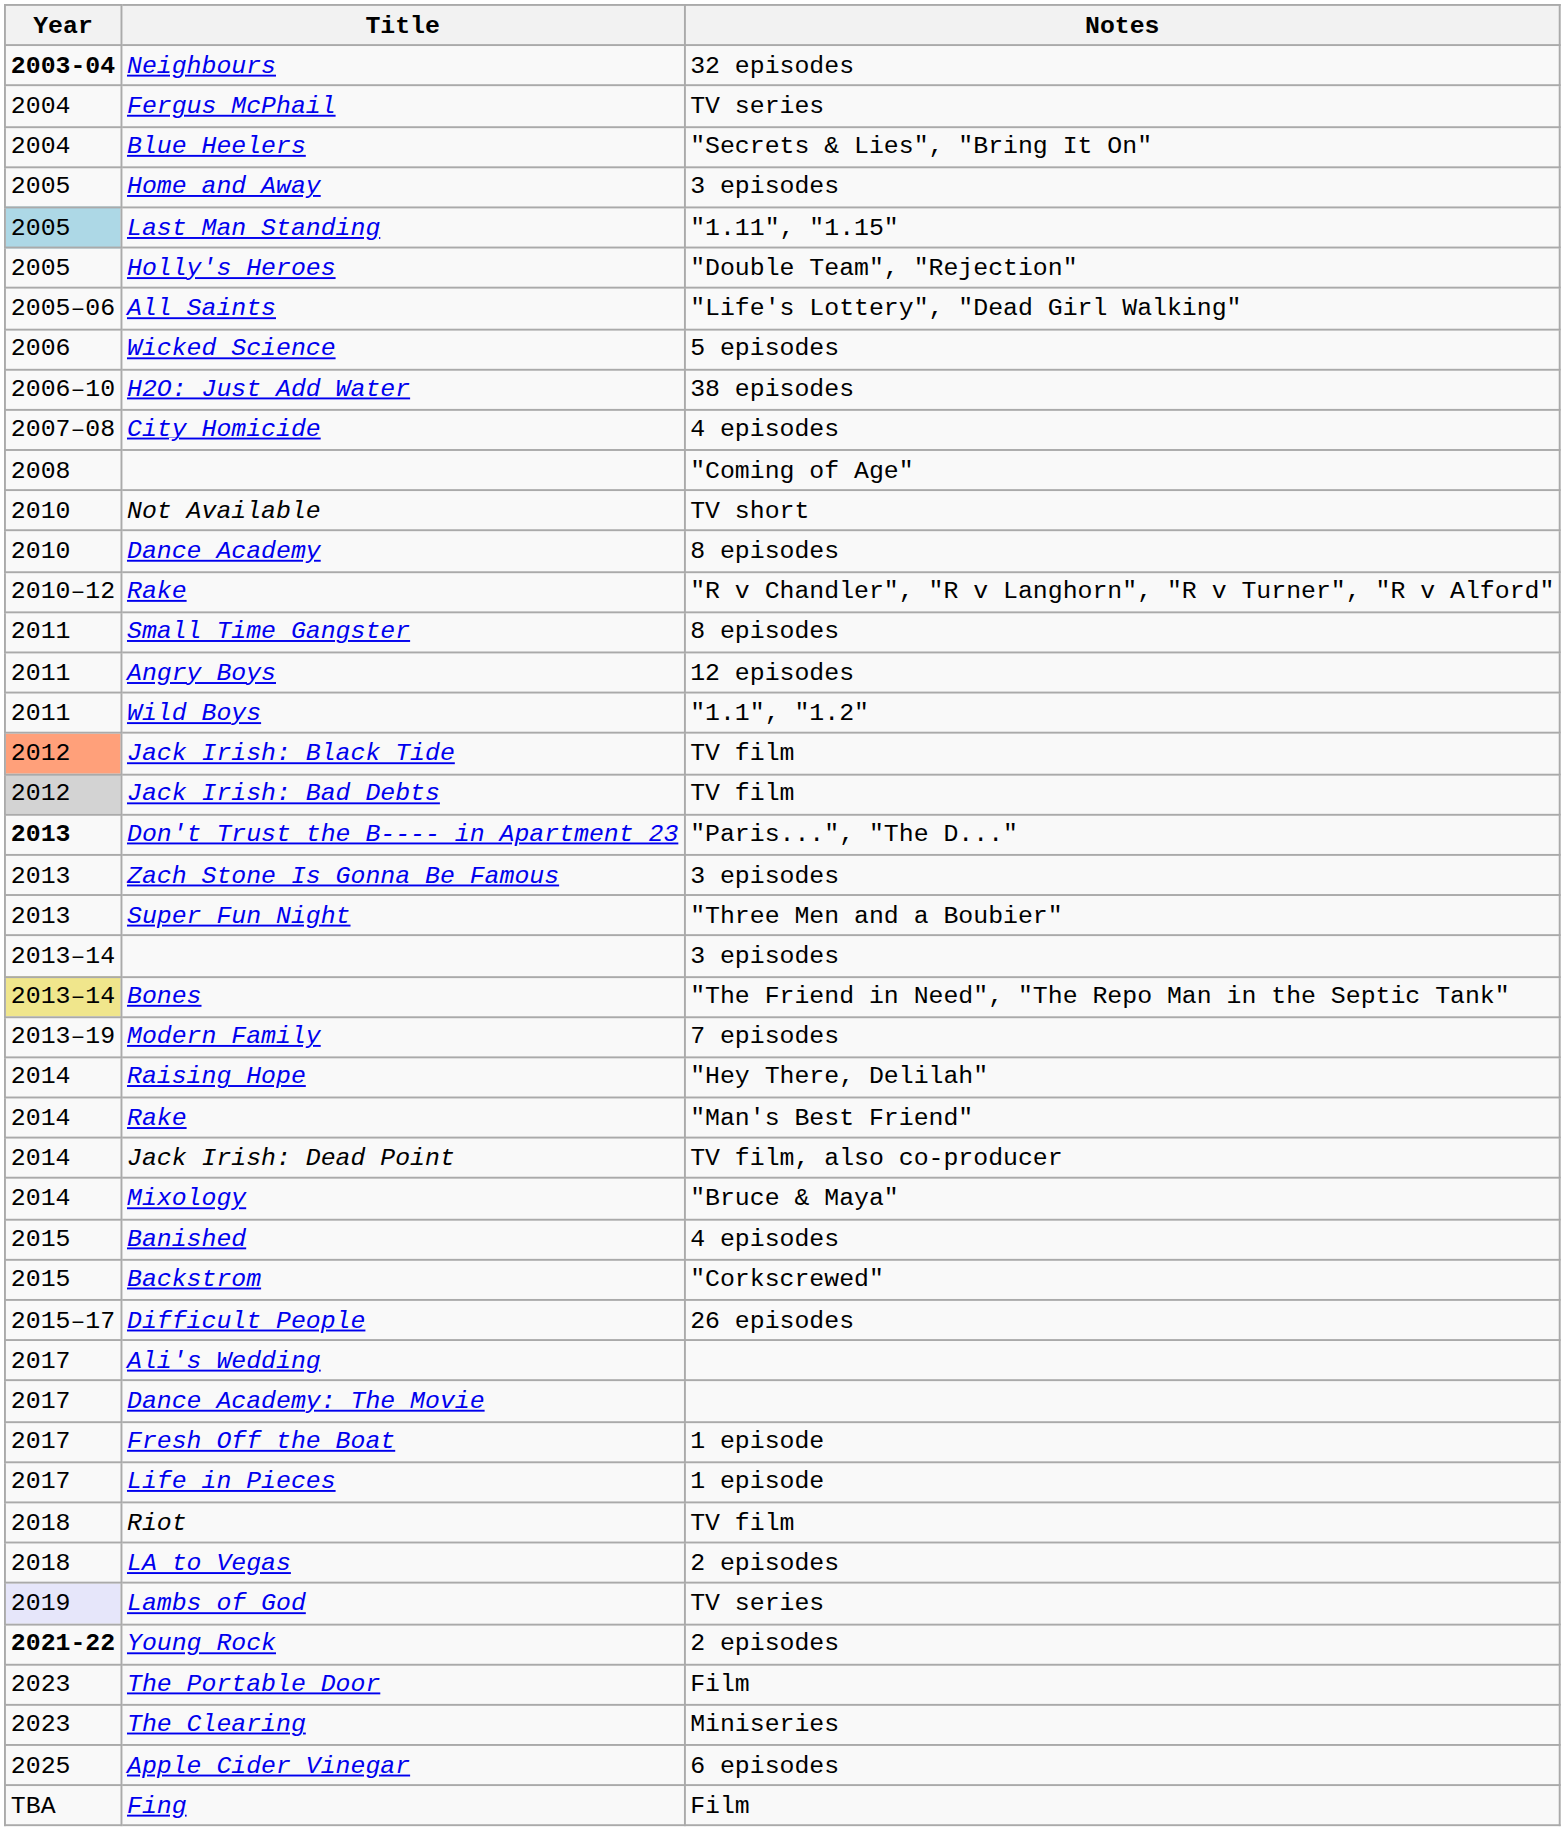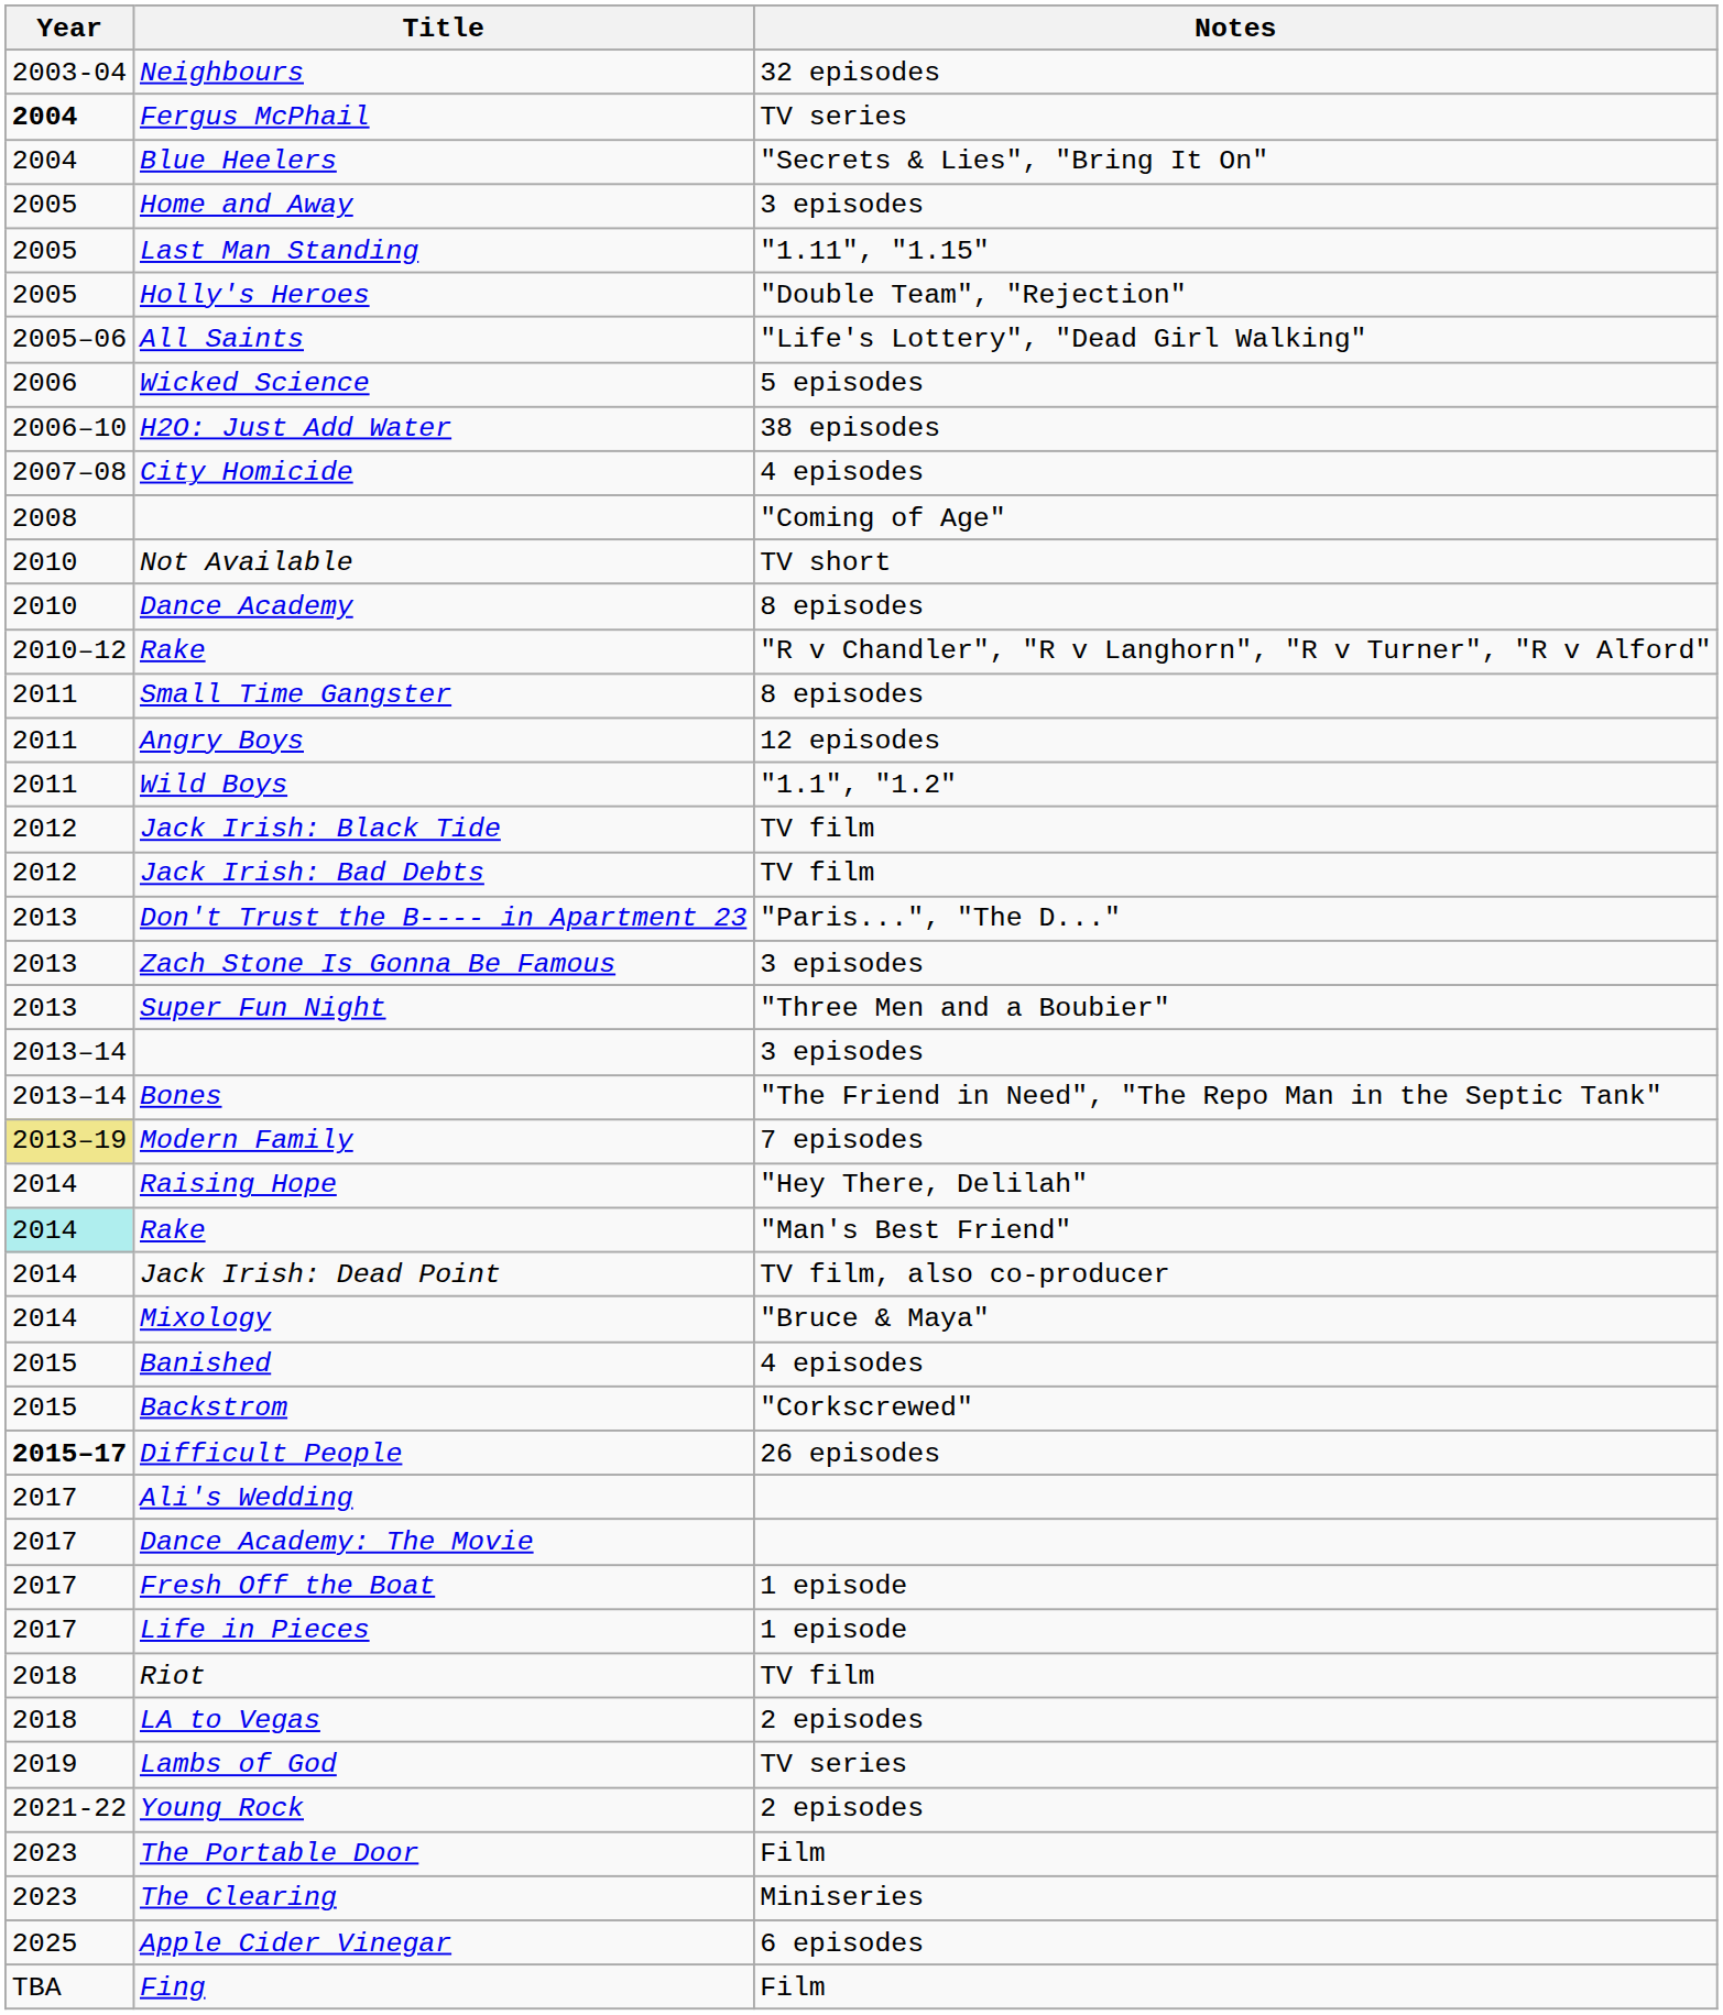 <table class="wikitable sortable">
 <tr>
 <th>Year</th>
 <th>Title</th>
 <th class="unsortable">Notes</th>
 </tr>
 <tr>
-<td><strong>2003-04</strong></td>
+<td>2003-04</td>
 <td><em><a href='#'>Neighbours</a></em></td>
 <td>32 episodes</td>
 </tr>
 <tr>
-<td>2004</td>
+<td><strong>2004</strong></td>
 <td><em><a href='#'>Fergus McPhail</a></em></td>
 <td>TV series</td>
 </tr>
 <tr>
 <td>2004</td>
 <td><em><a href='#'>Blue Heelers</a></em></td>
 <td>"Secrets & Lies", "Bring It On"</td>
 </tr>
 <tr>
 <td>2005</td>
 <td><em><a href='#'>Home and Away</a></em></td>
 <td>3 episodes</td>
 </tr>
 <tr>
-<td style="background: lightblue;">2005</td>
+<td>2005</td>
 <td><em><a href='#'>Last Man Standing</a></em></td>
 <td>"1.11", "1.15"</td>
 </tr>
 <tr>
 <td>2005</td>
 <td><em><a href='#'>Holly's Heroes</a></em></td>
 <td>"Double Team", "Rejection"</td>
 </tr>
 <tr>
 <td>2005–06</td>
 <td><em><a href='#'>All Saints</a></em></td>
 <td>"Life's Lottery", "Dead Girl Walking"</td>
 </tr>
 <tr>
 <td>2006</td>
 <td><em><a href='#'>Wicked Science</a></em></td>
 <td>5 episodes</td>
 </tr>
 <tr>
 <td>2006–10</td>
 <td><em><a href='#'>H2O: Just Add Water</a></em></td>
 <td>38 episodes</td>
 </tr>
 <tr>
 <td>2007–08</td>
 <td><em><a href='#'>City Homicide</a></em></td>
 <td>4 episodes</td>
 </tr>
 <tr>
 <td>2008</td>
 <td><em></em></td>
 <td>"Coming of Age"</td>
 </tr>
 <tr>
 <td>2010</td>
 <td><em>Not Available</em></td>
 <td>TV short</td>
 </tr>
 <tr>
 <td>2010</td>
 <td><em><a href='#'>Dance Academy</a></em></td>
 <td>8 episodes</td>
 </tr>
 <tr>
 <td>2010–12</td>
 <td><em><a href='#'>Rake</a></em></td>
 <td>"R v Chandler", "R v Langhorn", "R v Turner", "R v Alford"</td>
 </tr>
 <tr>
 <td>2011</td>
 <td><em><a href='#'>Small Time Gangster</a></em></td>
 <td>8 episodes</td>
 </tr>
 <tr>
 <td>2011</td>
 <td><em><a href='#'>Angry Boys</a></em></td>
 <td>12 episodes</td>
 </tr>
 <tr>
 <td>2011</td>
 <td><em><a href='#'>Wild Boys</a></em></td>
 <td>"1.1", "1.2"</td>
 </tr>
 <tr>
-<td style="background: lightsalmon;">2012</td>
+<td>2012</td>
 <td><em><a href='#'>Jack Irish: Black Tide</a></em></td>
 <td>TV film</td>
 </tr>
 <tr>
-<td style="background: lightgrey;">2012</td>
+<td>2012</td>
 <td><em><a href='#'>Jack Irish: Bad Debts</a></em></td>
 <td>TV film</td>
 </tr>
 <tr>
-<td><strong>2013</strong></td>
+<td>2013</td>
 <td><em><a href='#'>Don't Trust the B---- in Apartment 23</a></em></td>
 <td>"Paris...", "The D..."</td>
 </tr>
 <tr>
 <td>2013</td>
 <td><em><a href='#'>Zach Stone Is Gonna Be Famous</a></em></td>
 <td>3 episodes</td>
 </tr>
 <tr>
 <td>2013</td>
 <td><em><a href='#'>Super Fun Night</a></em></td>
 <td>"Three Men and a Boubier"</td>
 </tr>
 <tr>
 <td>2013–14</td>
 <td><em></em></td>
 <td>3 episodes</td>
 </tr>
 <tr>
-<td style="background: khaki;">2013–14</td>
+<td>2013–14</td>
 <td><em><a href='#'>Bones</a></em></td>
 <td>"The Friend in Need", "The Repo Man in the Septic Tank"</td>
 </tr>
 <tr>
-<td>2013–19</td>
+<td style="background: khaki;">2013–19</td>
 <td><em><a href='#'>Modern Family</a></em></td>
 <td>7 episodes</td>
 </tr>
 <tr>
 <td>2014</td>
 <td><em><a href='#'>Raising Hope</a></em></td>
 <td>"Hey There, Delilah"</td>
 </tr>
 <tr>
-<td>2014</td>
+<td style="background: paleturquoise;">2014</td>
 <td><em><a href='#'>Rake</a></em></td>
 <td>"Man's Best Friend"</td>
 </tr>
 <tr>
 <td>2014</td>
 <td><em>Jack Irish: Dead Point</em></td>
 <td>TV film, also co-producer</td>
 </tr>
 <tr>
 <td>2014</td>
 <td><em><a href='#'>Mixology</a></em></td>
 <td>"Bruce & Maya"</td>
 </tr>
 <tr>
 <td>2015</td>
 <td><em><a href='#'>Banished</a></em></td>
 <td>4 episodes</td>
 </tr>
 <tr>
 <td>2015</td>
 <td><em><a href='#'>Backstrom</a></em></td>
 <td>"Corkscrewed"</td>
 </tr>
 <tr>
-<td>2015–17</td>
+<td><strong>2015–17</strong></td>
 <td><em><a href='#'>Difficult People</a></em></td>
 <td>26 episodes</td>
 </tr>
 <tr>
 <td>2017</td>
 <td><em><a href='#'>Ali's Wedding</a></em></td>
 <td></td>
 </tr>
 <tr>
 <td>2017</td>
 <td><em><a href='#'>Dance Academy: The Movie</a></em></td>
 <td></td>
 </tr>
 <tr>
 <td>2017</td>
 <td><em><a href='#'>Fresh Off the Boat</a></em></td>
 <td>1 episode</td>
 </tr>
 <tr>
 <td>2017</td>
 <td><em><a href='#'>Life in Pieces</a></em></td>
 <td>1 episode</td>
 </tr>
 <tr>
 <td>2018</td>
 <td><em>Riot</em></td>
 <td>TV film</td>
 </tr>
 <tr>
 <td>2018</td>
 <td><em><a href='#'>LA to Vegas</a></em></td>
 <td>2 episodes</td>
 </tr>
 <tr>
-<td style="background: lavender;">2019</td>
+<td>2019</td>
 <td><em><a href='#'>Lambs of God</a></em></td>
 <td>TV series</td>
 </tr>
 <tr>
-<td><strong>2021-22</strong></td>
+<td>2021-22</td>
 <td><em><a href='#'>Young Rock</a></em></td>
 <td>2 episodes</td>
 </tr>
 <tr>
 <td>2023</td>
 <td><em><a href='#'>The Portable Door</a></em></td>
 <td>Film</td>
 </tr>
 <tr>
 <td>2023</td>
 <td><em><a href='#'>The Clearing</a></em></td>
 <td>Miniseries</td>
 </tr>
 <tr>
 <td>2025</td>
 <td><em><a href='#'>Apple Cider Vinegar</a></em></td>
 <td>6 episodes</td>
 </tr>
 <tr>
 <td>TBA</td>
 <td><em><a href='#'>Fing</a></em></td>
 <td>Film</td>
 </tr>
 </table>
